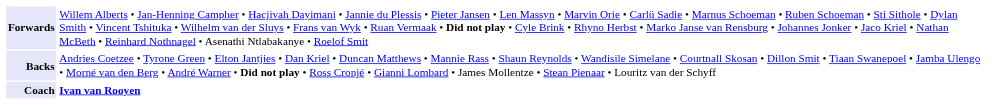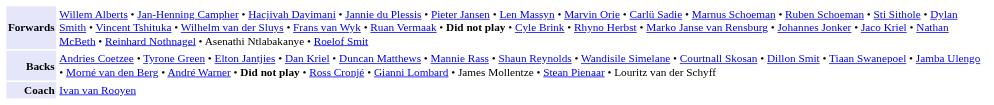 <table cellpadding="2" style="border: 1px solid white; font-size:90%;">
 <tr>
 <td style="text-align:right;" bgcolor="lavender"><strong>Forwards</strong></td>
 <td style="text-align:left;"><a href='#'>Willem Alberts</a> • <a href='#'>Jan-Henning Campher</a> • <a href='#'>Hacjivah Dayimani</a> • <a href='#'>Jannie du Plessis</a> • <a href='#'>Pieter Jansen</a> • <a href='#'>Len Massyn</a> • <a href='#'>Marvin Orie</a> • <a href='#'>Carlü Sadie</a> • <a href='#'>Marnus Schoeman</a> • <a href='#'>Ruben Schoeman</a> • <a href='#'>Sti Sithole</a> • <a href='#'>Dylan Smith</a> • <a href='#'>Vincent Tshituka</a> • <a href='#'>Wilhelm van der Sluys</a> • <a href='#'>Frans van Wyk</a> • <a href='#'>Ruan Vermaak</a> • <strong>Did not play</strong> • <a href='#'>Cyle Brink</a> • <a href='#'>Rhyno Herbst</a> • <a href='#'>Marko Janse van Rensburg</a> • <a href='#'>Johannes Jonker</a> • <a href='#'>Jaco Kriel</a> • <a href='#'>Nathan McBeth</a> • <a href='#'>Reinhard Nothnagel</a> • Asenathi Ntlabakanye • <a href='#'>Roelof Smit</a></td>
 </tr>
 <tr>
 <td style="text-align:right;" bgcolor="lavender"><strong>Backs</strong></td>
 <td style="text-align:left;"><a href='#'>Andries Coetzee</a> • <a href='#'>Tyrone Green</a> • <a href='#'>Elton Jantjies</a> • <a href='#'>Dan Kriel</a> • <a href='#'>Duncan Matthews</a> • <a href='#'>Mannie Rass</a> • <a href='#'>Shaun Reynolds</a> • <a href='#'>Wandisile Simelane</a> • <a href='#'>Courtnall Skosan</a> • <a href='#'>Dillon Smit</a> • <a href='#'>Tiaan Swanepoel</a> • <a href='#'>Jamba Ulengo</a> • <a href='#'>Morné van den Berg</a> • <a href='#'>André Warner</a> • <strong>Did not play</strong> • <a href='#'>Ross Cronjé</a> • <a href='#'>Gianni Lombard</a> • James Mollentze • <a href='#'>Stean Pienaar</a> • Louritz van der Schyff</td>
 </tr>
 <tr>
 <td style="text-align:right;" bgcolor="lavender"><strong>Coach</strong></td>
-<td style="text-align:left;"><strong><a href='#'>Ivan van Rooyen</a></strong></td>
+<td style="text-align:left;"><a href='#'>Ivan van Rooyen</a></td>
 </tr>
 </table>
